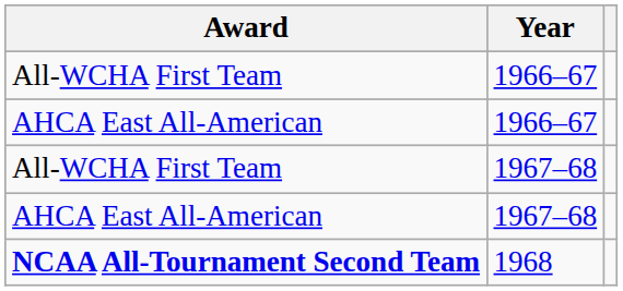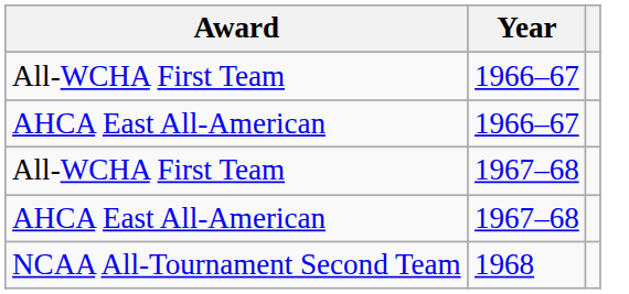 <table class="wikitable">
 <tr>
 <th>Award</th>
 <th>Year</th>
 <th></th>
 </tr>
 <tr>
 <td>All-<a href='#'>WCHA</a> <a href='#'>First Team</a></td>
 <td><a href='#'>1966–67</a></td>
 <td></td>
 </tr>
 <tr>
 <td><a href='#'>AHCA</a> <a href='#'>East All-American</a></td>
 <td><a href='#'>1966–67</a></td>
 <td></td>
 </tr>
 <tr>
 <td>All-<a href='#'>WCHA</a> <a href='#'>First Team</a></td>
 <td><a href='#'>1967–68</a></td>
 <td></td>
 </tr>
 <tr>
 <td><a href='#'>AHCA</a> <a href='#'>East All-American</a></td>
 <td><a href='#'>1967–68</a></td>
 <td></td>
 </tr>
 <tr>
-<td><strong><a href='#'>NCAA</a> <a href='#'>All-Tournament Second Team</a></strong></td>
+<td><a href='#'>NCAA</a> <a href='#'>All-Tournament Second Team</a></td>
 <td><a href='#'>1968</a></td>
 <td></td>
 </tr>
 </table>
